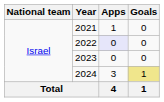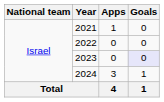 <table class="wikitable" style="text-align: center;">
 <tr>
 <th>National team</th>
 <th>Year</th>
 <th>Apps</th>
 <th>Goals</th>
 </tr>
 <tr>
 <td rowspan="4"><a href='#'>Israel</a></td>
 <td>2021</td>
 <td>1</td>
 <td>0</td>
 </tr>
 <tr>
 <td>2022</td>
-<td style="background: lavender;">0</td>
+<td>0</td>
 <td>0</td>
 </tr>
 <tr>
 <td>2023</td>
 <td>0</td>
-<td>0</td>
+<td style="background: lavender;">0</td>
 </tr>
 <tr>
 <td>2024</td>
 <td>3</td>
-<td style="background: khaki;">1</td>
+<td>1</td>
 </tr>
 <tr>
 <th colspan="2">Total</th>
 <th>4</th>
 <th>1</th>
 </tr>
 </table>
